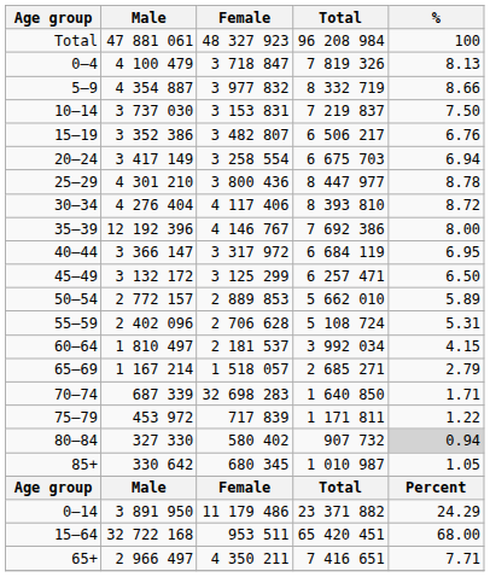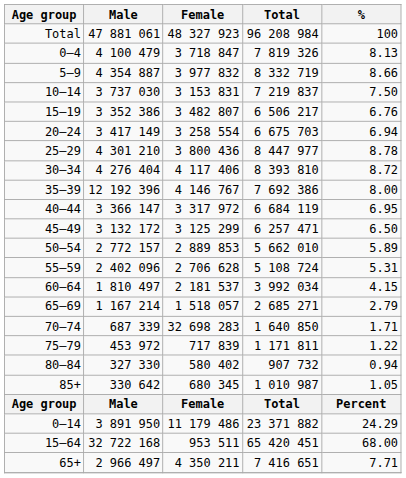 <table class="wikitable">
 <tr>
 <th width="80pt">Age group</th>
 <th width="80pt">Male</th>
 <th width="80pt">Female</th>
 <th width="80pt">Total</th>
 <th width="80pt">%</th>
 </tr>
 <tr>
 <td align="right">Total</td>
 <td align="right">47 881 061</td>
 <td align="right">48 327 923</td>
 <td align="right">96 208 984</td>
 <td align="right">100</td>
 </tr>
 <tr>
 <td align="right">0–4</td>
 <td align="right">4 100 479</td>
 <td align="right">3 718 847</td>
 <td align="right">7 819 326</td>
 <td align="right">8.13</td>
 </tr>
 <tr>
 <td align="right">5–9</td>
 <td align="right">4 354 887</td>
 <td align="right">3 977 832</td>
 <td align="right">8 332 719</td>
 <td align="right">8.66</td>
 </tr>
 <tr>
 <td align="right">10–14</td>
 <td align="right">3 737 030</td>
 <td align="right">3 153 831</td>
 <td align="right">7 219 837</td>
 <td align="right">7.50</td>
 </tr>
 <tr>
 <td align="right">15–19</td>
 <td align="right">3 352 386</td>
 <td align="right">3 482 807</td>
 <td align="right">6 506 217</td>
 <td align="right">6.76</td>
 </tr>
 <tr>
 <td align="right">20–24</td>
 <td align="right">3 417 149</td>
 <td align="right">3 258 554</td>
 <td align="right">6 675 703</td>
 <td align="right">6.94</td>
 </tr>
 <tr>
 <td align="right">25–29</td>
 <td align="right">4 301 210</td>
 <td align="right">3 800 436</td>
 <td align="right">8 447 977</td>
 <td align="right">8.78</td>
 </tr>
 <tr>
 <td align="right">30–34</td>
 <td align="right">4 276 404</td>
 <td align="right">4 117 406</td>
 <td align="right">8 393 810</td>
 <td align="right">8.72</td>
 </tr>
 <tr>
 <td align="right">35–39</td>
 <td align="right">12 192 396</td>
 <td align="right">4 146 767</td>
 <td align="right">7 692 386</td>
 <td align="right">8.00</td>
 </tr>
 <tr>
 <td align="right">40–44</td>
 <td align="right">3 366 147</td>
 <td align="right">3 317 972</td>
 <td align="right">6 684 119</td>
 <td align="right">6.95</td>
 </tr>
 <tr>
 <td align="right">45–49</td>
 <td align="right">3 132 172</td>
 <td align="right">3 125 299</td>
 <td align="right">6 257 471</td>
 <td align="right">6.50</td>
 </tr>
 <tr>
 <td align="right">50–54</td>
 <td align="right">2 772 157</td>
 <td align="right">2 889 853</td>
 <td align="right">5 662 010</td>
 <td align="right">5.89</td>
 </tr>
 <tr>
 <td align="right">55–59</td>
 <td align="right">2 402 096</td>
 <td align="right">2 706 628</td>
 <td align="right">5 108 724</td>
 <td align="right">5.31</td>
 </tr>
 <tr>
 <td align="right">60–64</td>
 <td align="right">1 810 497</td>
 <td align="right">2 181 537</td>
 <td align="right">3 992 034</td>
 <td align="right">4.15</td>
 </tr>
 <tr>
 <td align="right">65–69</td>
 <td align="right">1 167 214</td>
 <td align="right">1 518 057</td>
 <td align="right">2 685 271</td>
 <td align="right">2.79</td>
 </tr>
 <tr>
 <td align="right">70–74</td>
 <td align="right">687 339</td>
 <td align="right">32 698 283</td>
 <td align="right">1 640 850</td>
 <td align="right">1.71</td>
 </tr>
 <tr>
 <td align="right">75–79</td>
 <td align="right">453 972</td>
 <td align="right">717 839</td>
 <td align="right">1 171 811</td>
 <td align="right">1.22</td>
 </tr>
 <tr>
 <td align="right">80–84</td>
 <td align="right">327 330</td>
 <td align="right">580 402</td>
 <td align="right">907 732</td>
-<td align="right" style="background: lightgrey;">0.94</td>
+<td align="right">0.94</td>
 </tr>
 <tr>
 <td align="right">85+</td>
 <td align="right">330 642</td>
 <td align="right">680 345</td>
 <td align="right">1 010 987</td>
 <td align="right">1.05</td>
 </tr>
 <tr>
 <th width="50">Age group</th>
 <th width="80pt">Male</th>
 <th width="80">Female</th>
 <th width="80">Total</th>
 <th width="50">Percent</th>
 </tr>
 <tr>
 <td align="right">0–14</td>
 <td align="right">3 891 950</td>
 <td align="right">11 179 486</td>
 <td align="right">23 371 882</td>
 <td align="right">24.29</td>
 </tr>
 <tr>
 <td align="right">15–64</td>
 <td align="right">32 722 168</td>
 <td align="right">953 511</td>
 <td align="right">65 420 451</td>
 <td align="right">68.00</td>
 </tr>
 <tr>
 <td align="right">65+</td>
 <td align="right">2 966 497</td>
 <td align="right">4 350 211</td>
 <td align="right">7 416 651</td>
 <td align="right">7.71</td>
 </tr>
 <tr>
 </tr>
 </table>
